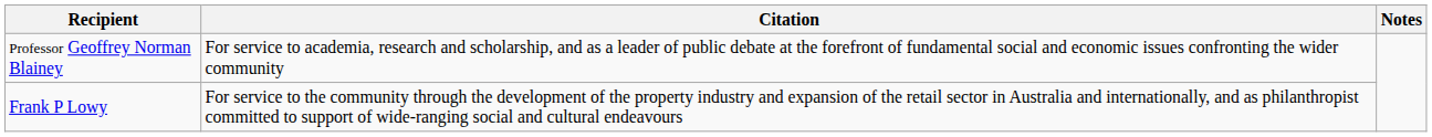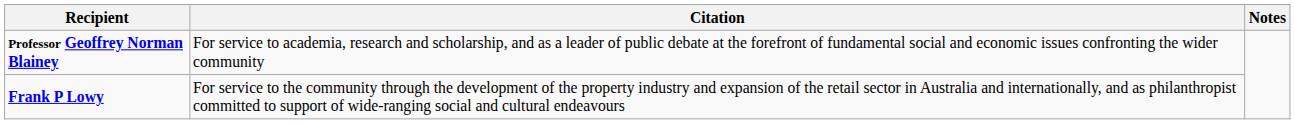 <table class="wikitable" style="font-size:95%;">
 <tr>
 <th>Recipient</th>
 <th>Citation</th>
 <th>Notes</th>
 </tr>
 <tr>
-<td><small>Professor</small> <a href='#'>Geoffrey Norman Blainey</a></td>
+<td><strong><small>Professor</small> <a href='#'>Geoffrey Norman Blainey</a></strong></td>
 <td>For service to academia, research and scholarship, and as a leader of public debate at the forefront of fundamental social and economic issues confronting the wider community</td>
 <td rowspan=2></td>
 </tr>
 <tr>
-<td><a href='#'>Frank P Lowy</a></td>
+<td><strong><a href='#'>Frank P Lowy</a></strong></td>
 <td>For service to the community through the development of the property industry and expansion of the retail sector in Australia and internationally, and as philanthropist committed to support of wide-ranging social and cultural endeavours</td>
 </tr>
 </table>
